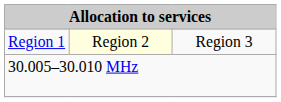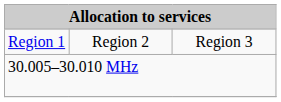 <table class=wikitable>
 <tr bgcolor="#CCCCCC" align="center">
 <td align="center" colspan="3"><strong>Allocation to services</strong></td>
 </tr>
 <tr align="center">
 <td align="center"><a href='#'>Region 1</a></td>
-<td style="background: lightyellow;">     Region 2     </td>
+<td>     Region 2     </td>
 <td>     Region 3     </td>
 </tr>
 <tr>
 <td colspan="3">30.005–30.010 <a href='#'>MHz</a><br><br></td>
 </tr>
 <tr>
 </tr>
 </table>
